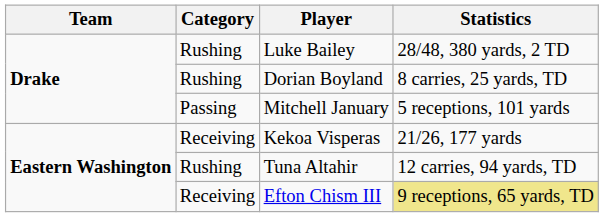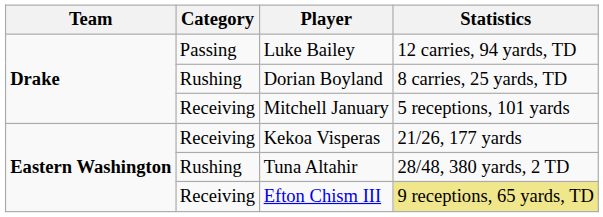 <table class="wikitable" style="float: right;">
 <tr>
 <th>Team</th>
 <th>Category</th>
 <th>Player</th>
 <th>Statistics</th>
 </tr>
 <tr>
 <td rowspan=3><strong>Drake</strong></td>
-<td>Rushing</td>
+<td>Passing</td>
 <td>Luke Bailey</td>
-<td>28/48, 380 yards, 2 TD</td>
+<td>12 carries, 94 yards, TD</td>
 </tr>
 <tr>
 <td>Rushing</td>
 <td>Dorian Boyland</td>
 <td>8 carries, 25 yards, TD</td>
 </tr>
 <tr>
-<td>Passing</td>
+<td>Receiving</td>
 <td>Mitchell January</td>
 <td>5 receptions, 101 yards</td>
 </tr>
 <tr>
 <td rowspan=3><strong>Eastern Washington</strong></td>
 <td>Receiving</td>
 <td>Kekoa Visperas</td>
 <td>21/26, 177 yards</td>
 </tr>
 <tr>
 <td>Rushing</td>
 <td>Tuna Altahir</td>
-<td>12 carries, 94 yards, TD</td>
+<td>28/48, 380 yards, 2 TD</td>
 </tr>
 <tr>
 <td>Receiving</td>
 <td><a href='#'>Efton Chism III</a></td>
 <td style="background: khaki;">9 receptions, 65 yards, TD</td>
 </tr>
 </table>
